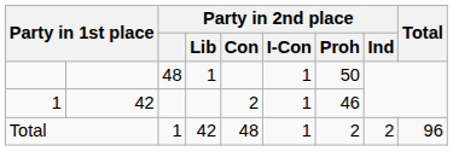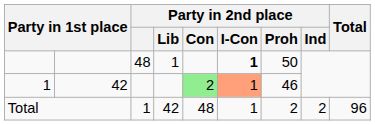 <table class="wikitable" style="text-align:right;">
 <tr>
 <th rowspan="2" colspan="2" style="text-align:left;">Party in 1st place</th>
 <th colspan="6">Party in 2nd place</th>
 <th rowspan="2">Total</th>
 </tr>
 <tr>
 <th></th>
 <th>Lib</th>
 <th>Con</th>
 <th>I-Con</th>
 <th>Proh</th>
 <th>Ind</th>
 </tr>
 <tr>
 <td></td>
 <td></td>
 <td>48</td>
 <td>1</td>
 <td></td>
-<td>1</td>
+<td><strong>1</strong></td>
 <td>50</td>
 </tr>
 <tr>
 <td>1</td>
 <td>42</td>
 <td></td>
 <td></td>
-<td>2</td>
-<td>1</td>
+<td style="background: lightgreen;">2</td>
+<td style="background: lightsalmon;">1</td>
 <td>46</td>
 </tr>
 <tr>
 <td colspan="2" style="text-align:left;">Total</td>
 <td>1</td>
 <td>42</td>
 <td>48</td>
 <td>1</td>
 <td>2</td>
 <td>2</td>
 <td>96</td>
 </tr>
 </table>
